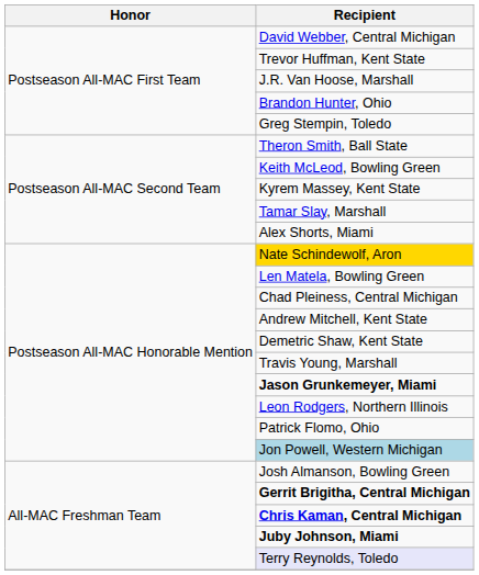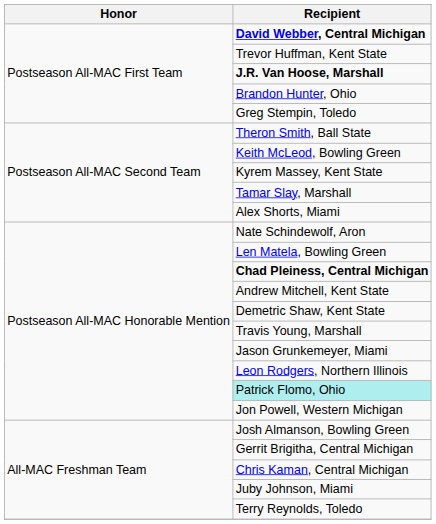 <table class="wikitable" border="1">
 <tr>
 <th>Honor</th>
 <th>Recipient</th>
 </tr>
 <tr>
 <td rowspan=5 valign=middle>Postseason All-MAC First Team</td>
-<td><a href='#'>David Webber</a>, Central Michigan</td>
+<td><strong><a href='#'>David Webber</a>, Central Michigan</strong></td>
 </tr>
 <tr>
 <td>Trevor Huffman, Kent State</td>
 </tr>
 <tr>
-<td>J.R. Van Hoose, Marshall</td>
+<td><strong>J.R. Van Hoose, Marshall</strong></td>
 </tr>
 <tr>
 <td><a href='#'>Brandon Hunter</a>, Ohio</td>
 </tr>
 <tr>
 <td>Greg Stempin, Toledo</td>
 </tr>
 <tr>
 <td rowspan=5 valign=middle>Postseason All-MAC Second Team</td>
 <td><a href='#'>Theron Smith</a>, Ball State</td>
 </tr>
 <tr>
 <td><a href='#'>Keith McLeod</a>, Bowling Green</td>
 </tr>
 <tr>
 <td>Kyrem Massey, Kent State</td>
 </tr>
 <tr>
 <td><a href='#'>Tamar Slay</a>, Marshall</td>
 </tr>
 <tr>
 <td>Alex Shorts, Miami</td>
 </tr>
 <tr>
 <td rowspan=10 valign=middle>Postseason All-MAC Honorable Mention</td>
-<td style="background: gold;">Nate Schindewolf, Aron</td>
+<td>Nate Schindewolf, Aron</td>
 </tr>
 <tr>
 <td><a href='#'>Len Matela</a>, Bowling Green</td>
 </tr>
 <tr>
-<td>Chad Pleiness, Central Michigan</td>
+<td><strong>Chad Pleiness, Central Michigan</strong></td>
 </tr>
 <tr>
 <td>Andrew Mitchell, Kent State</td>
 </tr>
 <tr>
 <td>Demetric Shaw, Kent State</td>
 </tr>
 <tr>
 <td>Travis Young, Marshall</td>
 </tr>
 <tr>
-<td><strong>Jason Grunkemeyer, Miami</strong></td>
+<td>Jason Grunkemeyer, Miami</td>
 </tr>
 <tr>
 <td><a href='#'>Leon Rodgers</a>, Northern Illinois</td>
 </tr>
 <tr>
-<td>Patrick Flomo, Ohio</td>
+<td style="background: paleturquoise;">Patrick Flomo, Ohio</td>
 </tr>
 <tr>
-<td style="background: lightblue;">Jon Powell, 	Western Michigan</td>
+<td>Jon Powell, 	Western Michigan</td>
 </tr>
 <tr>
 <td rowspan=5 valign=middle>All-MAC Freshman Team</td>
 <td>Josh Almanson, Bowling Green</td>
 </tr>
 <tr>
-<td><strong>Gerrit Brigitha, Central Michigan</strong></td>
+<td>Gerrit Brigitha, Central Michigan</td>
 </tr>
 <tr>
-<td><strong><a href='#'>Chris Kaman</a>, Central Michigan</strong></td>
+<td><a href='#'>Chris Kaman</a>, Central Michigan</td>
 </tr>
 <tr>
-<td><strong>Juby Johnson, Miami</strong></td>
+<td>Juby Johnson, Miami</td>
 </tr>
 <tr>
-<td style="background: lavender;">Terry Reynolds, Toledo</td>
+<td>Terry Reynolds, Toledo</td>
 </tr>
 <tr>
 </tr>
 </table>
